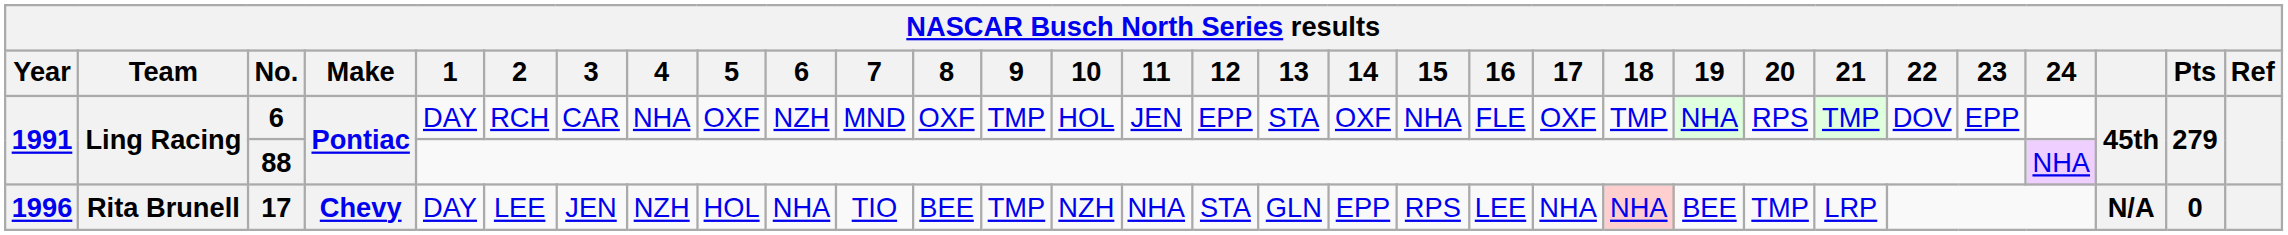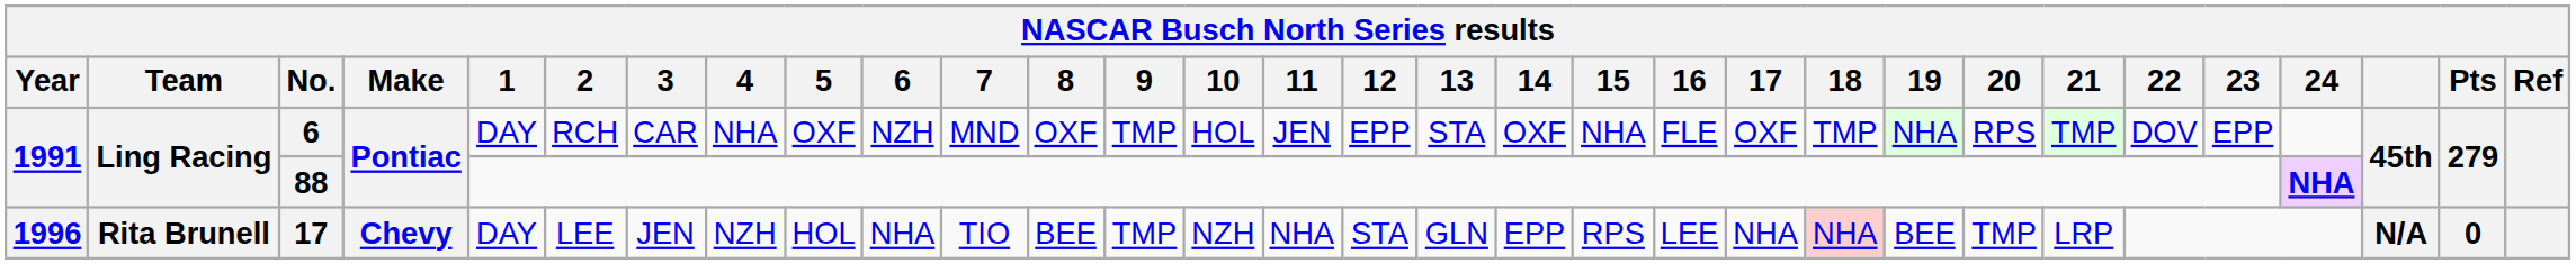 <table class="wikitable" style="text-align:center; font-size:75%">
 <tr>
 <th colspan=45><a href='#'>NASCAR Busch North Series</a> results</th>
 </tr>
 <tr>
 <th>Year</th>
 <th>Team</th>
 <th>No.</th>
 <th>Make</th>
 <th>1</th>
 <th>2</th>
 <th>3</th>
 <th>4</th>
 <th>5</th>
 <th>6</th>
 <th>7</th>
 <th>8</th>
 <th>9</th>
 <th>10</th>
 <th>11</th>
 <th>12</th>
 <th>13</th>
 <th>14</th>
 <th>15</th>
 <th>16</th>
 <th>17</th>
 <th>18</th>
 <th>19</th>
 <th>20</th>
 <th>21</th>
 <th>22</th>
 <th>23</th>
 <th>24</th>
 <th></th>
 <th>Pts</th>
 <th>Ref</th>
 </tr>
 <tr>
 <th rowspan=2><a href='#'>1991</a></th>
 <th rowspan=2>Ling Racing</th>
 <th>6</th>
 <th rowspan=2><a href='#'>Pontiac</a></th>
 <td><a href='#'>DAY</a></td>
 <td><a href='#'>RCH</a></td>
 <td><a href='#'>CAR</a></td>
 <td><a href='#'>NHA</a></td>
 <td><a href='#'>OXF</a></td>
 <td><a href='#'>NZH</a></td>
 <td><a href='#'>MND</a></td>
 <td><a href='#'>OXF</a></td>
 <td><a href='#'>TMP</a></td>
 <td><a href='#'>HOL</a></td>
 <td><a href='#'>JEN</a></td>
 <td><a href='#'>EPP</a></td>
 <td><a href='#'>STA</a></td>
 <td><a href='#'>OXF</a></td>
 <td><a href='#'>NHA</a></td>
 <td><a href='#'>FLE</a></td>
 <td><a href='#'>OXF</a></td>
 <td><a href='#'>TMP</a></td>
 <td style="background:#DFFFDF;"><a href='#'>NHA</a><br></td>
 <td><a href='#'>RPS</a></td>
 <td style="background:#DFFFDF;"><a href='#'>TMP</a><br></td>
 <td><a href='#'>DOV</a></td>
 <td><a href='#'>EPP</a></td>
 <td></td>
 <th rowspan=2>45th</th>
 <th rowspan=2>279</th>
 <th rowspan=2></th>
 </tr>
 <tr>
 <th>88</th>
 <td colspan=23></td>
-<td style="background:#EFCFFF;"><a href='#'>NHA</a><br></td>
+<td style="background:#EFCFFF;"><strong><a href='#'>NHA</a><br></strong></td>
 </tr>
 <tr>
 <th><a href='#'>1996</a></th>
 <th>Rita Brunell</th>
 <th>17</th>
 <th><a href='#'>Chevy</a></th>
 <td><a href='#'>DAY</a></td>
 <td><a href='#'>LEE</a></td>
 <td><a href='#'>JEN</a></td>
 <td><a href='#'>NZH</a></td>
 <td><a href='#'>HOL</a></td>
 <td><a href='#'>NHA</a></td>
 <td><a href='#'>TIO</a></td>
 <td><a href='#'>BEE</a></td>
 <td><a href='#'>TMP</a></td>
 <td><a href='#'>NZH</a></td>
 <td><a href='#'>NHA</a></td>
 <td><a href='#'>STA</a></td>
 <td><a href='#'>GLN</a></td>
 <td><a href='#'>EPP</a></td>
 <td><a href='#'>RPS</a></td>
 <td><a href='#'>LEE</a></td>
 <td><a href='#'>NHA</a></td>
 <td style="background:#FFCFCF;"><a href='#'>NHA</a><br></td>
 <td><a href='#'>BEE</a></td>
 <td><a href='#'>TMP</a></td>
 <td><a href='#'>LRP</a></td>
 <td colspan=3></td>
 <th>N/A</th>
 <th>0</th>
 <th></th>
 </tr>
 </table>
